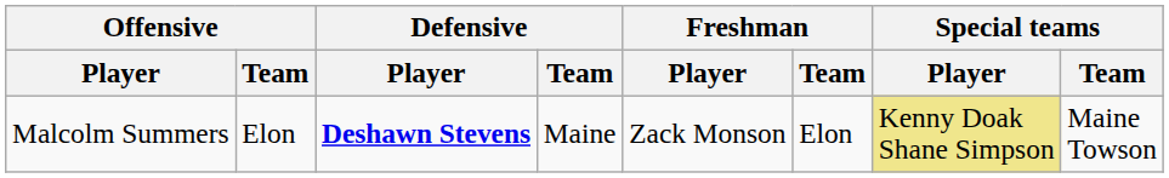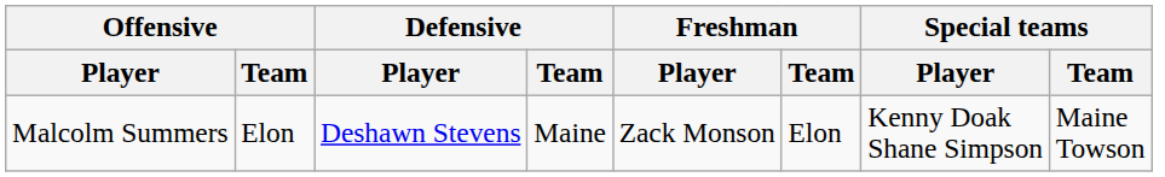 <table class="wikitable" border="1">
 <tr>
 <th colspan="2">Offensive</th>
 <th colspan="2">Defensive</th>
 <th colspan="2">Freshman</th>
 <th colspan="2">Special teams</th>
 </tr>
 <tr>
 <th>Player</th>
 <th>Team</th>
 <th>Player</th>
 <th>Team</th>
 <th>Player</th>
 <th>Team</th>
 <th>Player</th>
 <th>Team</th>
 </tr>
 <tr>
 <td>Malcolm Summers</td>
 <td>Elon</td>
-<td><strong><a href='#'>Deshawn Stevens</a></strong></td>
+<td><a href='#'>Deshawn Stevens</a></td>
 <td>Maine</td>
 <td>Zack Monson</td>
 <td>Elon</td>
-<td style="background: khaki;">Kenny Doak<br>Shane Simpson</td>
+<td>Kenny Doak<br>Shane Simpson</td>
 <td>Maine<br>Towson</td>
 </tr>
 </table>
